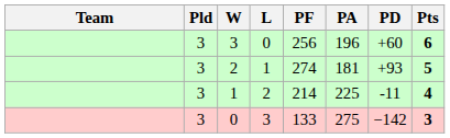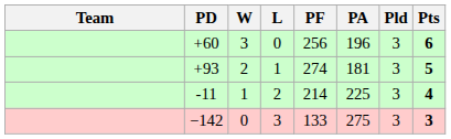 <table class="wikitable" style="text-align:center;">
 <tr>
 <th width=170>Team</th>
-<th width=25>Pld</th>
+<th width=35>PD</th>
 <th width=25>W</th>
 <th width=25>L</th>
 <th width=35>PF</th>
 <th width=35>PA</th>
-<th width=35>PD</th>
+<th width=25>Pld</th>
 <th width=25>Pts</th>
 </tr>
 <tr bgcolor="#ccffcc">
 <td align="left"></td>
-<td>3</td>
+<td>+60</td>
 <td>3</td>
 <td>0</td>
 <td>256</td>
 <td>196</td>
-<td>+60</td>
+<td>3</td>
 <td><strong>6</strong></td>
 </tr>
 <tr bgcolor="#ccffcc">
 <td align="left"></td>
-<td>3</td>
+<td>+93</td>
 <td>2</td>
 <td>1</td>
 <td>274</td>
 <td>181</td>
-<td>+93</td>
+<td>3</td>
 <td><strong>5</strong></td>
 </tr>
 <tr bgcolor="#ccffcc">
 <td align="left"></td>
-<td>3</td>
+<td>-11</td>
 <td>1</td>
 <td>2</td>
 <td>214</td>
 <td>225</td>
-<td>-11</td>
+<td>3</td>
 <td><strong>4</strong></td>
 </tr>
 <tr bgcolor=ffcccc>
 <td align="left"></td>
-<td>3</td>
+<td>−142</td>
 <td>0</td>
 <td>3</td>
 <td>133</td>
 <td>275</td>
-<td>−142</td>
+<td>3</td>
 <td><strong>3</strong></td>
 </tr>
 </table>
